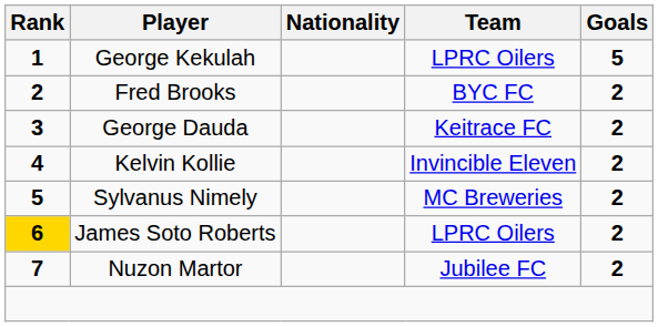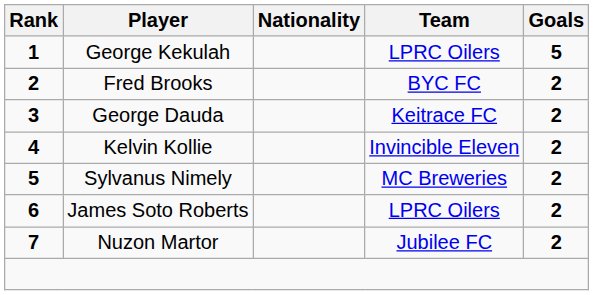 <table class="wikitable sortable" style="text-align: center;">
 <tr>
 <th>Rank</th>
 <th class="unsortable">Player</th>
 <th class="unsortable">Nationality</th>
 <th class="unsortable">Team</th>
 <th class="unsortable">Goals</th>
 </tr>
 <tr>
 <td><strong>1</strong></td>
 <td>George Kekulah</td>
 <td></td>
 <td><a href='#'>LPRC Oilers</a></td>
 <td><strong>5</strong></td>
 </tr>
 <tr>
 <td><strong>2</strong></td>
 <td>Fred Brooks</td>
 <td></td>
 <td><a href='#'>BYC FC</a></td>
 <td><strong>2</strong></td>
 </tr>
 <tr>
 <td><strong>3</strong></td>
 <td>George Dauda</td>
 <td></td>
 <td><a href='#'>Keitrace FC</a></td>
 <td><strong>2</strong></td>
 </tr>
 <tr>
 <td><strong>4</strong></td>
 <td>Kelvin Kollie</td>
 <td></td>
 <td><a href='#'>Invincible Eleven</a></td>
 <td><strong>2</strong></td>
 </tr>
 <tr>
 <td><strong>5</strong></td>
 <td>Sylvanus Nimely</td>
 <td></td>
 <td><a href='#'>MC Breweries</a></td>
 <td><strong>2</strong></td>
 </tr>
 <tr>
-<td style="background: gold;"><strong>6</strong></td>
+<td><strong>6</strong></td>
 <td>James Soto Roberts</td>
 <td></td>
 <td><a href='#'>LPRC Oilers</a></td>
 <td><strong>2</strong></td>
 </tr>
 <tr>
 <td><strong>7</strong></td>
 <td>Nuzon Martor</td>
 <td></td>
 <td><a href='#'>Jubilee FC</a></td>
 <td><strong>2</strong></td>
 </tr>
 <tr>
 <td colspan="12"><br></td>
 </tr>
 </table>
